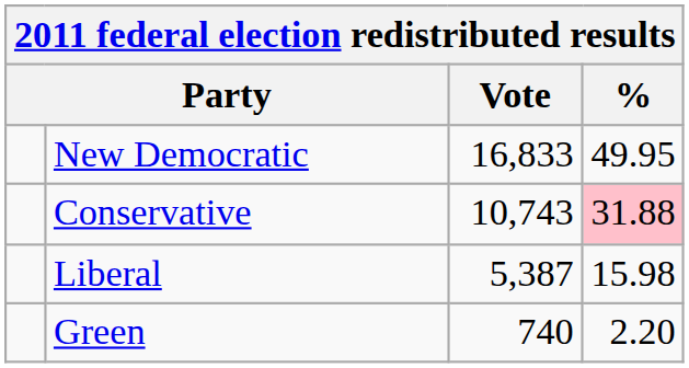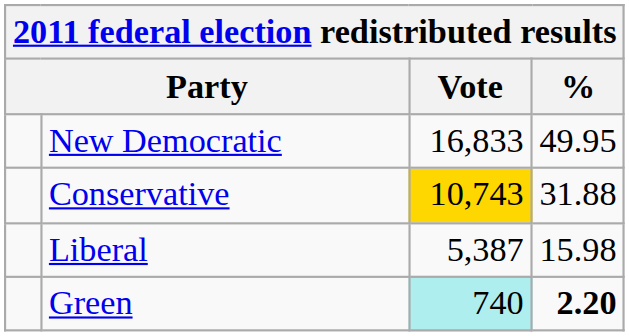 <table class="wikitable">
 <tr>
 <th colspan="4"><a href='#'>2011 federal election</a> redistributed results</th>
 </tr>
 <tr>
 <th bgcolor="#DDDDFF" width="130px" colspan="2">Party</th>
 <th bgcolor="#DDDDFF" width="50px">Vote</th>
 <th bgcolor="#DDDDFF" width="30px">%</th>
 </tr>
 <tr>
 <td> </td>
 <td><a href='#'>New Democratic</a></td>
 <td align=right>16,833</td>
 <td align=right>49.95</td>
 </tr>
 <tr>
 <td> </td>
 <td><a href='#'>Conservative</a></td>
-<td align=right>10,743</td>
-<td align=right style="background: pink;">31.88</td>
+<td align=right style="background: gold;">10,743</td>
+<td align=right>31.88</td>
 </tr>
 <tr>
 <td> </td>
 <td><a href='#'>Liberal</a></td>
 <td align=right>5,387</td>
 <td align=right>15.98</td>
 </tr>
 <tr>
 <td> </td>
 <td><a href='#'>Green</a></td>
-<td align=right>740</td>
-<td align=right>2.20</td>
+<td align=right style="background: paleturquoise;">740</td>
+<td align=right><strong>2.20</strong></td>
 </tr>
 </table>
